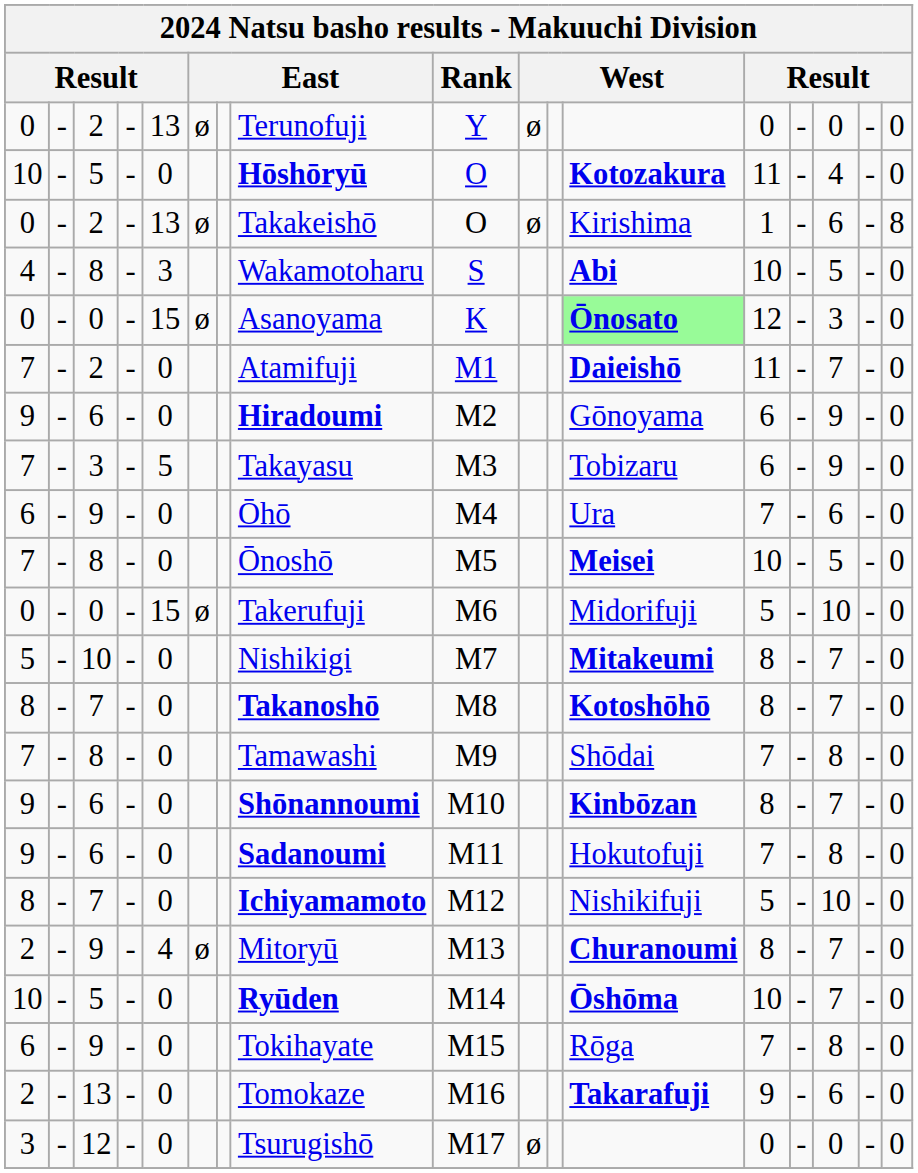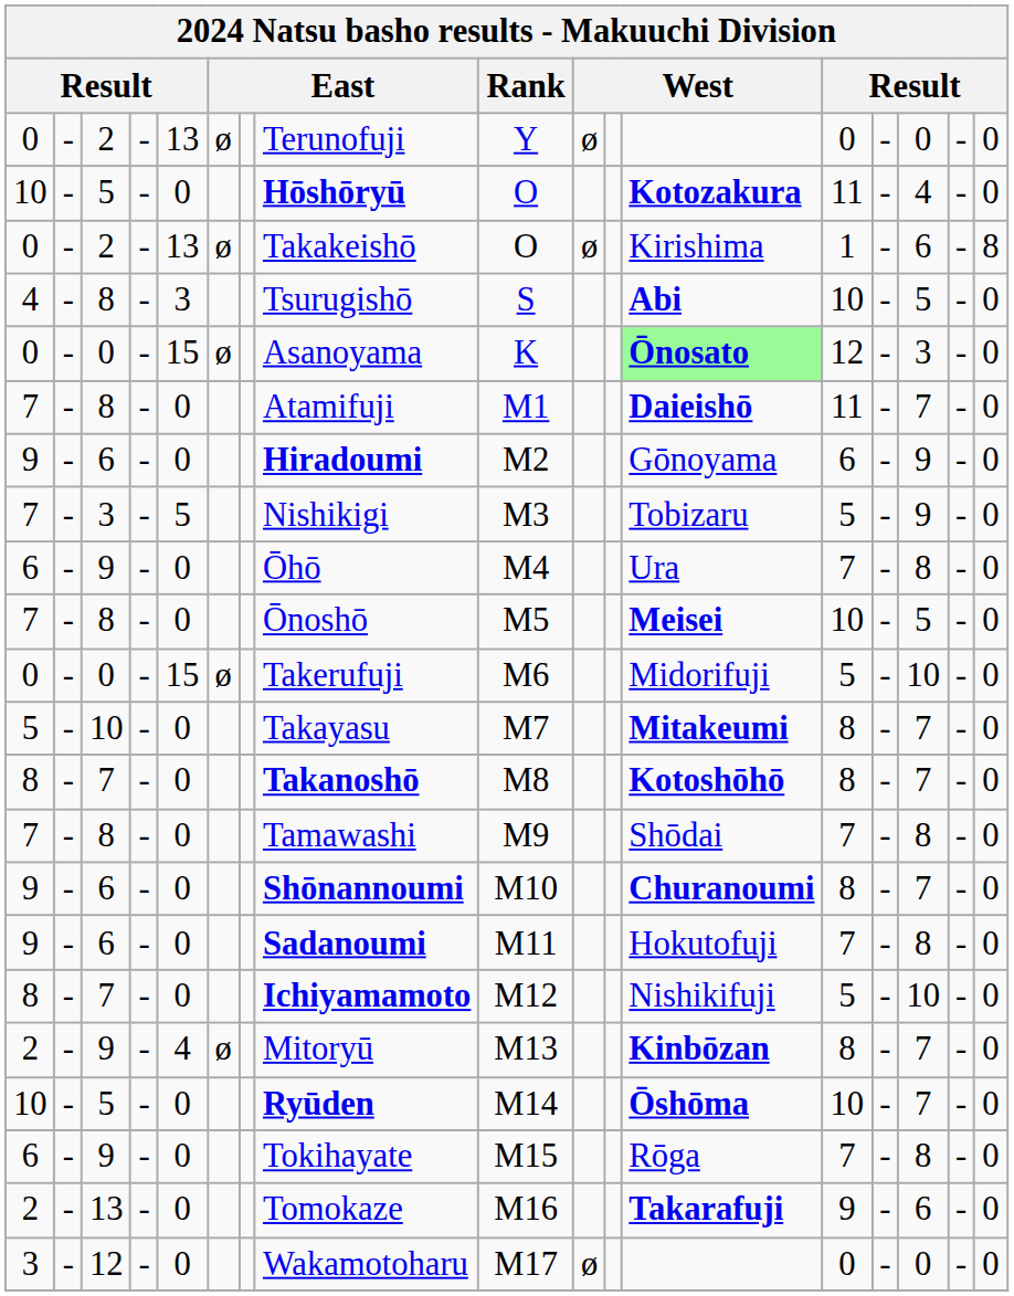 <table class="wikitable" style="text-align:center">
 <tr>
 <th colspan="17">2024 Natsu basho results - Makuuchi Division</th>
 </tr>
 <tr>
 <th colspan="5">Result</th>
 <th colspan="3">East</th>
 <th>Rank</th>
 <th colspan="3">West</th>
 <th colspan="5">Result</th>
 </tr>
 <tr>
 <td>0</td>
 <td>-</td>
 <td>2</td>
 <td>-</td>
 <td>13</td>
 <td>ø</td>
 <td></td>
 <td style="text-align:left;"><a href='#'>Terunofuji</a></td>
 <td><a href='#'>Y</a></td>
 <td>ø</td>
 <td></td>
 <td></td>
 <td>0</td>
 <td>-</td>
 <td>0</td>
 <td>-</td>
 <td>0</td>
 </tr>
 <tr>
 <td>10</td>
 <td>-</td>
 <td>5</td>
 <td>-</td>
 <td>0</td>
 <td></td>
 <td></td>
 <td style="text-align:left;"><strong><a href='#'>Hōshōryū</a></strong></td>
 <td><a href='#'>O</a></td>
 <td></td>
 <td></td>
 <td style="text-align:left;"><strong><a href='#'>Kotozakura</a></strong></td>
 <td>11</td>
 <td>-</td>
 <td>4</td>
 <td>-</td>
 <td>0</td>
 </tr>
 <tr>
 <td>0</td>
 <td>-</td>
 <td>2</td>
 <td>-</td>
 <td>13</td>
 <td>ø</td>
 <td></td>
 <td style="text-align:left;"><a href='#'>Takakeishō</a></td>
 <td>O</td>
 <td>ø</td>
 <td></td>
 <td style="text-align:left;"><a href='#'>Kirishima</a></td>
 <td>1</td>
 <td>-</td>
 <td>6</td>
 <td>-</td>
 <td>8</td>
 </tr>
 <tr>
 <td>4</td>
 <td>-</td>
 <td>8</td>
 <td>-</td>
 <td>3</td>
 <td></td>
 <td></td>
-<td style="text-align:left;"><a href='#'>Wakamotoharu</a></td>
+<td style="text-align:left;"><a href='#'>Tsurugishō</a></td>
 <td><a href='#'>S</a></td>
 <td></td>
 <td></td>
 <td style="text-align:left;"><strong><a href='#'>Abi</a></strong></td>
 <td>10</td>
 <td>-</td>
 <td>5</td>
 <td>-</td>
 <td>0</td>
 </tr>
 <tr>
 <td>0</td>
 <td>-</td>
 <td>0</td>
 <td>-</td>
 <td>15</td>
 <td>ø</td>
 <td></td>
 <td style="text-align:left;"><a href='#'>Asanoyama</a></td>
 <td><a href='#'>K</a></td>
 <td></td>
 <td></td>
 <td style="text-align:left; background:palegreen;"><strong><a href='#'>Ōnosato</a></strong></td>
 <td>12</td>
 <td>-</td>
 <td>3</td>
 <td>-</td>
 <td>0</td>
 </tr>
 <tr>
 <td>7</td>
 <td>-</td>
-<td>2</td>
+<td>8</td>
 <td>-</td>
 <td>0</td>
 <td></td>
 <td></td>
 <td style="text-align:left;"><a href='#'>Atamifuji</a></td>
 <td><a href='#'>M1</a></td>
 <td></td>
 <td></td>
 <td style="text-align:left;"><strong><a href='#'>Daieishō</a></strong></td>
 <td>11</td>
 <td>-</td>
 <td>7</td>
 <td>-</td>
 <td>0</td>
 </tr>
 <tr>
 <td>9</td>
 <td>-</td>
 <td>6</td>
 <td>-</td>
 <td>0</td>
 <td></td>
 <td></td>
 <td style="text-align:left;"><strong><a href='#'>Hiradoumi</a></strong></td>
 <td>M2</td>
 <td></td>
 <td></td>
 <td style="text-align:left;"><a href='#'>Gōnoyama</a></td>
 <td>6</td>
 <td>-</td>
 <td>9</td>
 <td>-</td>
 <td>0</td>
 </tr>
 <tr>
 <td>7</td>
 <td>-</td>
 <td>3</td>
 <td>-</td>
 <td>5</td>
 <td></td>
 <td></td>
-<td style="text-align:left;"><a href='#'>Takayasu</a></td>
+<td style="text-align:left;"><a href='#'>Nishikigi</a></td>
 <td>M3</td>
 <td></td>
 <td></td>
 <td style="text-align:left;"><a href='#'>Tobizaru</a></td>
-<td>6</td>
+<td>5</td>
 <td>-</td>
 <td>9</td>
 <td>-</td>
 <td>0</td>
 </tr>
 <tr>
 <td>6</td>
 <td>-</td>
 <td>9</td>
 <td>-</td>
 <td>0</td>
 <td></td>
 <td></td>
 <td style="text-align:left;"><a href='#'>Ōhō</a></td>
 <td>M4</td>
 <td></td>
 <td></td>
 <td style="text-align:left;"><a href='#'>Ura</a></td>
 <td>7</td>
 <td>-</td>
-<td>6</td>
+<td>8</td>
 <td>-</td>
 <td>0</td>
 </tr>
 <tr>
 <td>7</td>
 <td>-</td>
 <td>8</td>
 <td>-</td>
 <td>0</td>
 <td></td>
 <td></td>
 <td style="text-align:left;"><a href='#'>Ōnoshō</a></td>
 <td>M5</td>
 <td></td>
 <td></td>
 <td style="text-align:left;"><strong><a href='#'>Meisei</a></strong></td>
 <td>10</td>
 <td>-</td>
 <td>5</td>
 <td>-</td>
 <td>0</td>
 </tr>
 <tr>
 <td>0</td>
 <td>-</td>
 <td>0</td>
 <td>-</td>
 <td>15</td>
 <td>ø</td>
 <td></td>
 <td style="text-align:left;"><a href='#'>Takerufuji</a></td>
 <td>M6</td>
 <td></td>
 <td></td>
 <td style="text-align:left;"><a href='#'>Midorifuji</a></td>
 <td>5</td>
 <td>-</td>
 <td>10</td>
 <td>-</td>
 <td>0</td>
 </tr>
 <tr>
 <td>5</td>
 <td>-</td>
 <td>10</td>
 <td>-</td>
 <td>0</td>
 <td></td>
 <td></td>
-<td style="text-align:left;"><a href='#'>Nishikigi</a></td>
+<td style="text-align:left;"><a href='#'>Takayasu</a></td>
 <td>M7</td>
 <td></td>
 <td></td>
 <td style="text-align:left;"><strong><a href='#'>Mitakeumi</a></strong></td>
 <td>8</td>
 <td>-</td>
 <td>7</td>
 <td>-</td>
 <td>0</td>
 </tr>
 <tr>
 <td>8</td>
 <td>-</td>
 <td>7</td>
 <td>-</td>
 <td>0</td>
 <td></td>
 <td></td>
 <td style="text-align:left;"><strong><a href='#'>Takanoshō</a></strong></td>
 <td>M8</td>
 <td></td>
 <td></td>
 <td style="text-align:left;"><strong><a href='#'>Kotoshōhō</a></strong></td>
 <td>8</td>
 <td>-</td>
 <td>7</td>
 <td>-</td>
 <td>0</td>
 </tr>
 <tr>
 <td>7</td>
 <td>-</td>
 <td>8</td>
 <td>-</td>
 <td>0</td>
 <td></td>
 <td></td>
 <td style="text-align:left;"><a href='#'>Tamawashi</a></td>
 <td>M9</td>
 <td></td>
 <td></td>
 <td style="text-align:left;"><a href='#'>Shōdai</a></td>
 <td>7</td>
 <td>-</td>
 <td>8</td>
 <td>-</td>
 <td>0</td>
 </tr>
 <tr>
 <td>9</td>
 <td>-</td>
 <td>6</td>
 <td>-</td>
 <td>0</td>
 <td></td>
 <td></td>
 <td style="text-align:left;"><strong><a href='#'>Shōnannoumi</a></strong></td>
 <td>M10</td>
 <td></td>
 <td></td>
-<td style="text-align:left;"><strong><a href='#'>Kinbōzan</a></strong></td>
+<td style="text-align:left;"><strong><a href='#'>Churanoumi</a></strong></td>
 <td>8</td>
 <td>-</td>
 <td>7</td>
 <td>-</td>
 <td>0</td>
 </tr>
 <tr>
 <td>9</td>
 <td>-</td>
 <td>6</td>
 <td>-</td>
 <td>0</td>
 <td></td>
 <td></td>
 <td style="text-align:left;"><strong><a href='#'>Sadanoumi</a></strong></td>
 <td>M11</td>
 <td></td>
 <td></td>
 <td style="text-align:left;"><a href='#'>Hokutofuji</a></td>
 <td>7</td>
 <td>-</td>
 <td>8</td>
 <td>-</td>
 <td>0</td>
 </tr>
 <tr>
 <td>8</td>
 <td>-</td>
 <td>7</td>
 <td>-</td>
 <td>0</td>
 <td></td>
 <td></td>
 <td style="text-align:left;"><strong><a href='#'>Ichiyamamoto</a></strong></td>
 <td>M12</td>
 <td></td>
 <td></td>
 <td style="text-align:left;"><a href='#'>Nishikifuji</a></td>
 <td>5</td>
 <td>-</td>
 <td>10</td>
 <td>-</td>
 <td>0</td>
 </tr>
 <tr>
 <td>2</td>
 <td>-</td>
 <td>9</td>
 <td>-</td>
 <td>4</td>
 <td>ø</td>
 <td></td>
 <td style="text-align:left;"><a href='#'>Mitoryū</a></td>
 <td>M13</td>
 <td></td>
 <td></td>
-<td style="text-align:left;"><strong><a href='#'>Churanoumi</a></strong></td>
+<td style="text-align:left;"><strong><a href='#'>Kinbōzan</a></strong></td>
 <td>8</td>
 <td>-</td>
 <td>7</td>
 <td>-</td>
 <td>0</td>
 </tr>
 <tr>
 <td>10</td>
 <td>-</td>
 <td>5</td>
 <td>-</td>
 <td>0</td>
 <td></td>
 <td></td>
 <td style="text-align:left;"><strong><a href='#'>Ryūden</a></strong></td>
 <td>M14</td>
 <td></td>
 <td></td>
 <td style="text-align:left;"><strong><a href='#'>Ōshōma</a></strong></td>
 <td>10</td>
 <td>-</td>
 <td>7</td>
 <td>-</td>
 <td>0</td>
 </tr>
 <tr>
 <td>6</td>
 <td>-</td>
 <td>9</td>
 <td>-</td>
 <td>0</td>
 <td></td>
 <td></td>
 <td style="text-align:left;"><a href='#'>Tokihayate</a></td>
 <td>M15</td>
 <td></td>
 <td></td>
 <td style="text-align:left;"><a href='#'>Rōga</a></td>
 <td>7</td>
 <td>-</td>
 <td>8</td>
 <td>-</td>
 <td>0</td>
 </tr>
 <tr>
 <td>2</td>
 <td>-</td>
 <td>13</td>
 <td>-</td>
 <td>0</td>
 <td></td>
 <td></td>
 <td style="text-align:left;"><a href='#'>Tomokaze</a></td>
 <td>M16</td>
 <td></td>
 <td></td>
 <td style="text-align:left;"><strong><a href='#'>Takarafuji</a></strong></td>
 <td>9</td>
 <td>-</td>
 <td>6</td>
 <td>-</td>
 <td>0</td>
 </tr>
 <tr>
 <td>3</td>
 <td>-</td>
 <td>12</td>
 <td>-</td>
 <td>0</td>
 <td></td>
 <td></td>
-<td style="text-align:left;"><a href='#'>Tsurugishō</a></td>
+<td style="text-align:left;"><a href='#'>Wakamotoharu</a></td>
 <td>M17</td>
 <td>ø</td>
 <td></td>
 <td></td>
 <td>0</td>
 <td>-</td>
 <td>0</td>
 <td>-</td>
 <td>0</td>
 </tr>
 <tr>
 </tr>
 </table>
